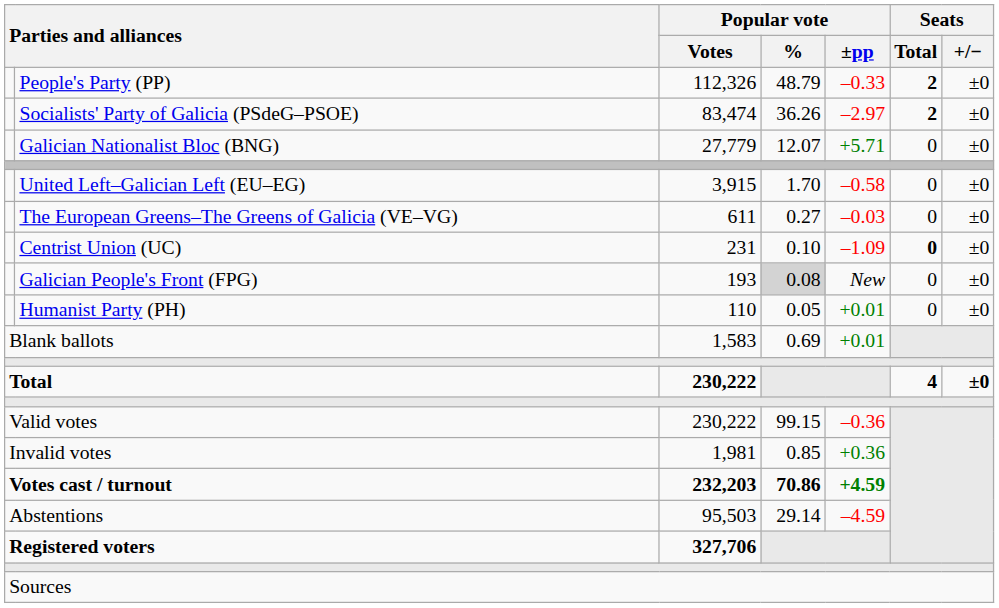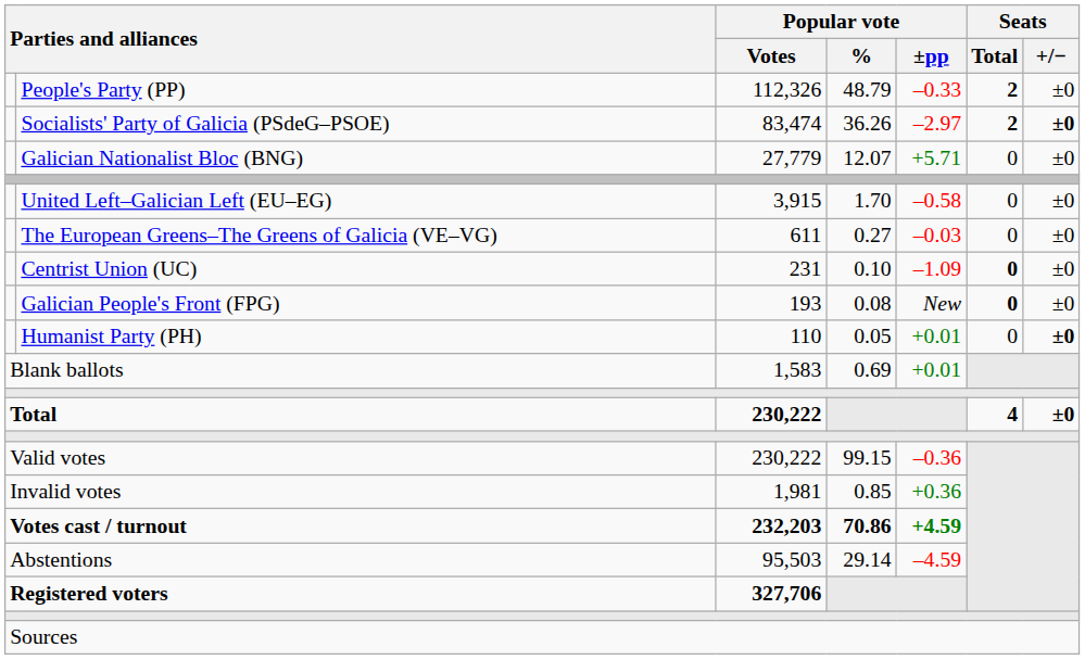 <table class="wikitable" style="text-align:right;">
 <tr>
 <th style="text-align:left;" rowspan="2" colspan="2" width="525">Parties and alliances</th>
 <th colspan="3">Popular vote</th>
 <th colspan="2">Seats</th>
 </tr>
 <tr>
 <th width="75">Votes</th>
 <th width="45">%</th>
 <th width="45">±<a href='#'>pp</a></th>
 <th width="35">Total</th>
 <th width="35">+/−</th>
 </tr>
 <tr>
 <td width="1" style="color:inherit;background:"></td>
 <td align="left"><a href='#'>People's Party</a> (PP)</td>
 <td>112,326</td>
 <td>48.79</td>
 <td style="color:red;">–0.33</td>
 <td><strong>2</strong></td>
 <td>±0</td>
 </tr>
 <tr>
 <td style="color:inherit;background:"></td>
 <td align="left"><a href='#'>Socialists' Party of Galicia</a> (PSdeG–PSOE)</td>
 <td>83,474</td>
 <td>36.26</td>
 <td style="color:red;">–2.97</td>
 <td><strong>2</strong></td>
-<td>±0</td>
+<td><strong>±0</strong></td>
 </tr>
 <tr>
 <td style="color:inherit;background:"></td>
 <td align="left"><a href='#'>Galician Nationalist Bloc</a> (BNG)</td>
 <td>27,779</td>
 <td>12.07</td>
 <td style="color:green;">+5.71</td>
 <td>0</td>
 <td>±0</td>
 </tr>
 <tr>
 <td colspan="7" bgcolor="#C0C0C0"></td>
 </tr>
 <tr>
 <td style="color:inherit;background:"></td>
 <td align="left"><a href='#'>United Left–Galician Left</a> (EU–EG)</td>
 <td>3,915</td>
 <td>1.70</td>
 <td style="color:red;">–0.58</td>
 <td>0</td>
 <td>±0</td>
 </tr>
 <tr>
 <td style="color:inherit;background:"></td>
 <td align="left"><a href='#'>The European Greens–The Greens of Galicia</a> (VE–VG)</td>
 <td>611</td>
 <td>0.27</td>
 <td style="color:red;">–0.03</td>
 <td>0</td>
 <td>±0</td>
 </tr>
 <tr>
 <td style="color:inherit;background:"></td>
 <td align="left"><a href='#'>Centrist Union</a> (UC)</td>
 <td>231</td>
 <td>0.10</td>
 <td style="color:red;">–1.09</td>
 <td><strong>0</strong></td>
 <td>±0</td>
 </tr>
 <tr>
 <td style="color:inherit;background:"></td>
 <td align="left"><a href='#'>Galician People's Front</a> (FPG)</td>
 <td>193</td>
-<td style="background: lightgrey;">0.08</td>
+<td>0.08</td>
 <td><em>New</em></td>
-<td>0</td>
+<td><strong>0</strong></td>
 <td>±0</td>
 </tr>
 <tr>
 <td style="color:inherit;background:"></td>
 <td align="left"><a href='#'>Humanist Party</a> (PH)</td>
 <td>110</td>
 <td>0.05</td>
 <td style="color:green;">+0.01</td>
 <td>0</td>
-<td>±0</td>
+<td><strong>±0</strong></td>
 </tr>
 <tr>
 <td align="left" colspan="2">Blank ballots</td>
 <td>1,583</td>
 <td>0.69</td>
 <td style="color:green;">+0.01</td>
 <td bgcolor="#E9E9E9" colspan="2"></td>
 </tr>
 <tr>
 <td colspan="7" bgcolor="#E9E9E9"></td>
 </tr>
 <tr style="font-weight:bold;">
 <td align="left" colspan="2">Total</td>
 <td>230,222</td>
 <td bgcolor="#E9E9E9" colspan="2"></td>
 <td>4</td>
 <td>±0</td>
 </tr>
 <tr>
 <td colspan="7" bgcolor="#E9E9E9"></td>
 </tr>
 <tr>
 <td align="left" colspan="2">Valid votes</td>
 <td>230,222</td>
 <td>99.15</td>
 <td style="color:red;">–0.36</td>
 <td bgcolor="#E9E9E9" colspan="2" rowspan="5"></td>
 </tr>
 <tr>
 <td align="left" colspan="2">Invalid votes</td>
 <td>1,981</td>
 <td>0.85</td>
 <td style="color:green;">+0.36</td>
 </tr>
 <tr style="font-weight:bold;">
 <td align="left" colspan="2">Votes cast / turnout</td>
 <td>232,203</td>
 <td>70.86</td>
 <td style="color:green;">+4.59</td>
 </tr>
 <tr>
 <td align="left" colspan="2">Abstentions</td>
 <td>95,503</td>
 <td>29.14</td>
 <td style="color:red;">–4.59</td>
 </tr>
 <tr style="font-weight:bold;">
 <td align="left" colspan="2">Registered voters</td>
 <td>327,706</td>
 <td bgcolor="#E9E9E9" colspan="2"></td>
 </tr>
 <tr>
 <td colspan="7" bgcolor="#E9E9E9"></td>
 </tr>
 <tr>
 <td align="left" colspan="7">Sources</td>
 </tr>
 </table>
